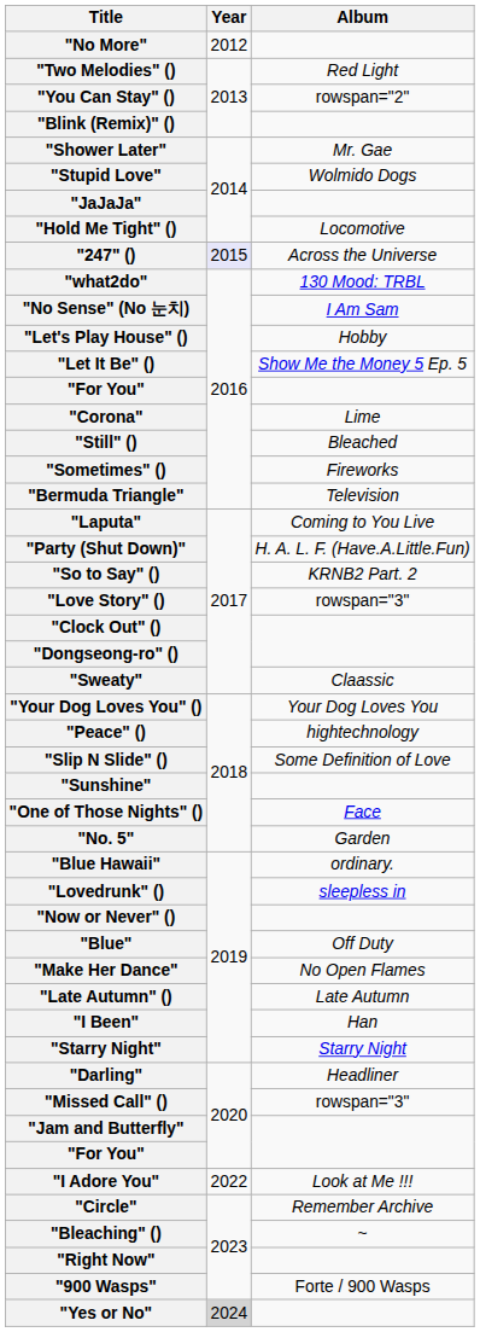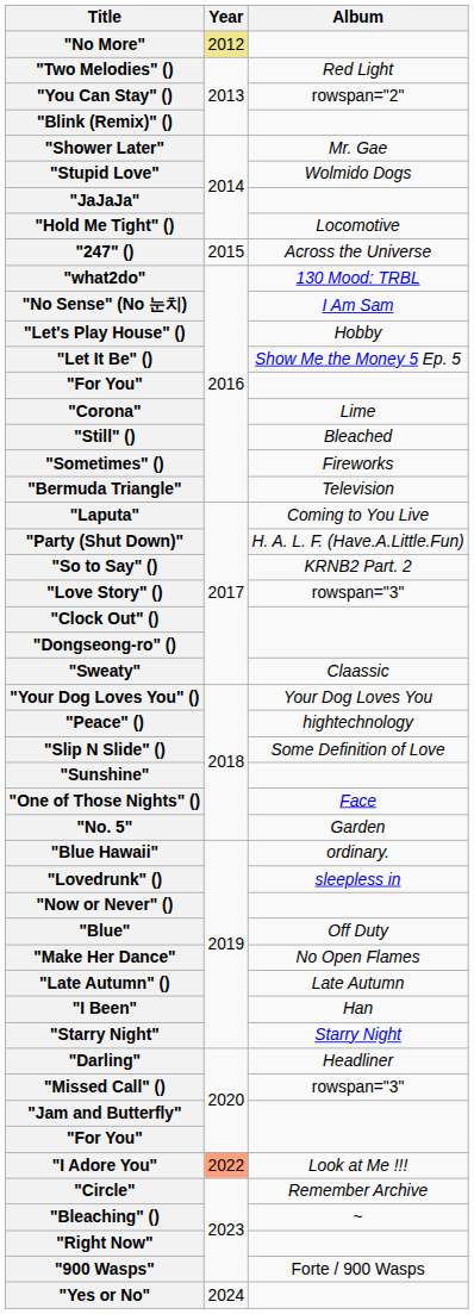 <table class="wikitable plainrowheaders" style="text-align:center">
 <tr>
 <th>Title</th>
 <th>Year</th>
 <th>Album</th>
 </tr>
 <tr>
 <th scope="row">"No More" </th>
-<td>2012</td>
+<td style="background: khaki;">2012</td>
 <td></td>
 </tr>
 <tr>
 <th scope="row">"Two Melodies" () </th>
 <td rowspan="3">2013</td>
 <td><em>Red Light</em></td>
 </tr>
 <tr>
 <th scope="row">"You Can Stay" () </th>
 <td>rowspan="2" </td>
 </tr>
 <tr>
 <th scope="row">"Blink (Remix)" () </th>
 </tr>
 <tr>
 <th scope="row">"Shower Later" </th>
 <td rowspan="4">2014</td>
 <td><em>Mr. Gae</em></td>
 </tr>
 <tr>
 <th scope="row">"Stupid Love" </th>
 <td><em>Wolmido Dogs</em></td>
 </tr>
 <tr>
 <th scope="row">"JaJaJa" </th>
 <td></td>
 </tr>
 <tr>
 <th scope="row">"Hold Me Tight" () </th>
 <td><em>Locomotive</em></td>
 </tr>
 <tr>
 <th scope="row">"247" () </th>
-<td style="background: lavender;">2015</td>
+<td>2015</td>
 <td><em>Across the Universe</em></td>
 </tr>
 <tr>
 <th scope="row">"what2do" </th>
 <td rowspan="9">2016</td>
 <td><em><a href='#'>130 Mood: TRBL</a></em></td>
 </tr>
 <tr>
 <th scope="row">"No Sense" (No 눈치) </th>
 <td><em><a href='#'>I Am Sam</a></em></td>
 </tr>
 <tr>
 <th scope="row">"Let's Play House" () </th>
 <td><em>Hobby</em></td>
 </tr>
 <tr>
 <th scope="row">"Let It Be" () </th>
 <td><em><a href='#'>Show Me the Money 5</a> Ep. 5</em></td>
 </tr>
 <tr>
 <th scope="row">"For You" </th>
 <td></td>
 </tr>
 <tr>
 <th scope="row">"Corona" </th>
 <td><em>Lime</em></td>
 </tr>
 <tr>
 <th scope="row">"Still" () </th>
 <td><em>Bleached</em></td>
 </tr>
 <tr>
 <th scope="row">"Sometimes" () </th>
 <td><em>Fireworks</em></td>
 </tr>
 <tr>
 <th scope="row">"Bermuda Triangle" </th>
 <td><em>Television</em></td>
 </tr>
 <tr>
 <th scope="row">"Laputa" </th>
 <td rowspan="7">2017</td>
 <td><em>Coming to You Live</em></td>
 </tr>
 <tr>
 <th scope="row">"Party (Shut Down)" </th>
 <td><em>H. A. L. F. (Have.A.Little.Fun)</em></td>
 </tr>
 <tr>
 <th scope="row">"So to Say" () </th>
 <td><em>KRNB2 Part. 2</em></td>
 </tr>
 <tr>
 <th scope="row">"Love Story" () </th>
 <td>rowspan="3" </td>
 </tr>
 <tr>
 <th scope="row">"Clock Out" () </th>
 </tr>
 <tr>
 <th scope="row">"Dongseong-ro" () </th>
 </tr>
 <tr>
 <th scope="row">"Sweaty" </th>
 <td><em>Claassic</em></td>
 </tr>
 <tr>
 <th scope="row">"Your Dog Loves You" () </th>
 <td rowspan="6">2018</td>
 <td><em>Your Dog Loves You</em></td>
 </tr>
 <tr>
 <th scope="row">"Peace" () </th>
 <td><em>hightechnology</em></td>
 </tr>
 <tr>
 <th scope="row">"Slip N Slide" () </th>
 <td><em>Some Definition of Love</em></td>
 </tr>
 <tr>
 <th scope="row">"Sunshine" </th>
 <td></td>
 </tr>
 <tr>
 <th scope="row">"One of Those Nights" () </th>
 <td><em><a href='#'>Face</a></em></td>
 </tr>
 <tr>
 <th scope="row">"No. 5" </th>
 <td><em>Garden</em></td>
 </tr>
 <tr>
 <th scope="row">"Blue Hawaii" </th>
 <td rowspan="8">2019</td>
 <td><em>ordinary.</em></td>
 </tr>
 <tr>
 <th scope="row">"Lovedrunk" () </th>
 <td><em><a href='#'>sleepless in</a></em></td>
 </tr>
 <tr>
 <th scope="row">"Now or Never" () </th>
 <td></td>
 </tr>
 <tr>
 <th scope="row">"Blue" </th>
 <td><em>Off Duty</em></td>
 </tr>
 <tr>
 <th scope="row">"Make Her Dance" </th>
 <td><em>No Open Flames</em></td>
 </tr>
 <tr>
 <th scope="row">"Late Autumn" () </th>
 <td><em>Late Autumn</em></td>
 </tr>
 <tr>
 <th scope="row">"I Been" </th>
 <td><em>Han</em></td>
 </tr>
 <tr>
 <th scope="row">"Starry Night" </th>
 <td><em><a href='#'>Starry Night</a></em></td>
 </tr>
 <tr>
 <th scope="row">"Darling" </th>
 <td rowspan="4">2020</td>
 <td><em>Headliner</em></td>
 </tr>
 <tr>
 <th scope="row">"Missed Call" () </th>
 <td>rowspan="3" </td>
 </tr>
 <tr>
 <th scope="row">"Jam and Butterfly" </th>
 </tr>
 <tr>
 <th scope="row">"For You" </th>
 </tr>
 <tr>
 <th scope="row">"I Adore You" </th>
-<td>2022</td>
+<td style="background: lightsalmon;">2022</td>
 <td><em>Look at Me !!!</em></td>
 </tr>
 <tr>
 <th scope="row">"Circle" </th>
 <td rowspan="4">2023</td>
 <td><em>Remember Archive</em></td>
 </tr>
 <tr>
 <th scope="row">"Bleaching" () </th>
 <td>~</td>
 </tr>
 <tr>
 <th scope="row">"Right Now" </th>
 <td></td>
 </tr>
 <tr>
 <th scope="row">"900 Wasps" </th>
 <td>Forte / 900 Wasps</td>
 </tr>
 <tr>
 <th scope="row">"Yes or No" </th>
-<td style="background: lightgrey;">2024</td>
+<td>2024</td>
 <td></td>
 </tr>
 </table>
